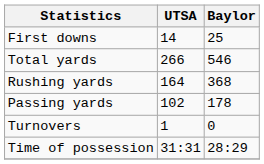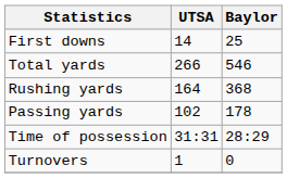 <table class="wikitable" style="float: left;">
 <tr>
 <th>Statistics</th>
 <th>UTSA</th>
 <th>Baylor</th>
 </tr>
 <tr>
 <td>First downs</td>
 <td>14</td>
 <td>25</td>
 </tr>
 <tr>
 <td>Total yards</td>
 <td>266</td>
 <td>546</td>
 </tr>
 <tr>
 <td>Rushing yards</td>
 <td>164</td>
 <td>368</td>
 </tr>
 <tr>
 <td>Passing yards</td>
 <td>102</td>
 <td>178</td>
 </tr>
 <tr>
+<td>Time of possession</td>
+<td>31:31</td>
+<td>28:29</td>
+</tr>
+<tr>
 <td>Turnovers</td>
 <td>1</td>
 <td>0</td>
 </tr>
 <tr>
-<td>Time of possession</td>
-<td>31:31</td>
-<td>28:29</td>
-</tr>
-<tr>
 </tr>
 </table>
